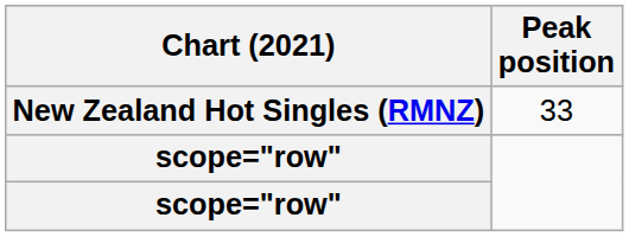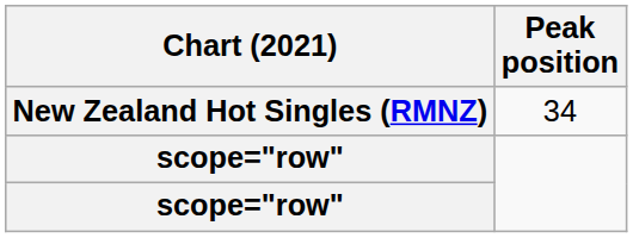 <table class="wikitable sortable plainrowheaders" style="text-align:center;">
 <tr>
 <th>Chart (2021)</th>
 <th>Peak<br>position</th>
 </tr>
 <tr>
 <th scope="row">New Zealand Hot Singles (<a href='#'>RMNZ</a>)</th>
-<td>33</td>
+<td>34</td>
 </tr>
 <tr>
 <th>scope="row" </th>
 </tr>
 <tr>
 <th>scope="row" </th>
 </tr>
 </table>
